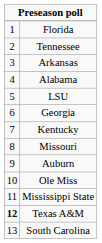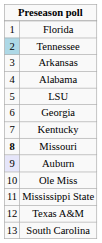 <table class="wikitable">
 <tr align="center">
 <td align="center" Colspan="3"><strong>Preseason poll</strong></td>
 </tr>
 <tr align="center">
 </tr>
 <tr align="center">
 <td>1</td>
 <td>Florida</td>
 </tr>
 <tr align="center">
-<td>2</td>
+<td style="background: lightblue;">2</td>
 <td>Tennessee</td>
 </tr>
 <tr align="center">
 <td>3</td>
 <td>Arkansas</td>
 </tr>
 <tr align="center">
 <td>4</td>
 <td>Alabama</td>
 </tr>
 <tr align="center">
 <td>5</td>
 <td>LSU</td>
 </tr>
 <tr align="center">
 <td>6</td>
 <td>Georgia</td>
 </tr>
 <tr align="center">
 <td>7</td>
 <td>Kentucky</td>
 </tr>
 <tr align="center">
-<td>8</td>
+<td><strong>8</strong></td>
 <td>Missouri</td>
 </tr>
 <tr align="center">
-<td>9</td>
+<td style="background: lavender;">9</td>
 <td>Auburn</td>
 </tr>
 <tr align="center">
 <td>10</td>
 <td>Ole Miss</td>
 </tr>
 <tr align="center">
 <td>11</td>
 <td>Mississippi State</td>
 </tr>
 <tr align="center">
-<td><strong>12</strong></td>
+<td>12</td>
 <td>Texas A&M</td>
 </tr>
 <tr align="center">
 <td>13</td>
 <td>South Carolina</td>
 </tr>
 </table>
